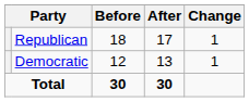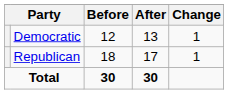 <table class="wikitable" style="text-align:center;">
 <tr>
 </tr>
 <tr>
 <th colspan=2>Party</th>
 <th>Before</th>
 <th>After</th>
 <th>Change</th>
 </tr>
 <tr>
 <th style="background-color:"></th>
-<td style="text-align:left;"><a href='#'>Republican</a></td>
-<td>18</td>
-<td>17</td>
+<td style="text-align:left;"><a href='#'>Democratic</a></td>
+<td>12</td>
+<td>13</td>
 <td> 1</td>
 </tr>
 <tr>
 <th style="background-color:"></th>
-<td style="text-align:left;"><a href='#'>Democratic</a></td>
-<td>12</td>
-<td>13</td>
+<td style="text-align:left;"><a href='#'>Republican</a></td>
+<td>18</td>
+<td>17</td>
 <td> 1</td>
 </tr>
 <tr>
 <td colspan=2><strong>Total</strong></td>
 <td><strong>30</strong></td>
 <td><strong>30</strong></td>
 <td></td>
 </tr>
 </table>
